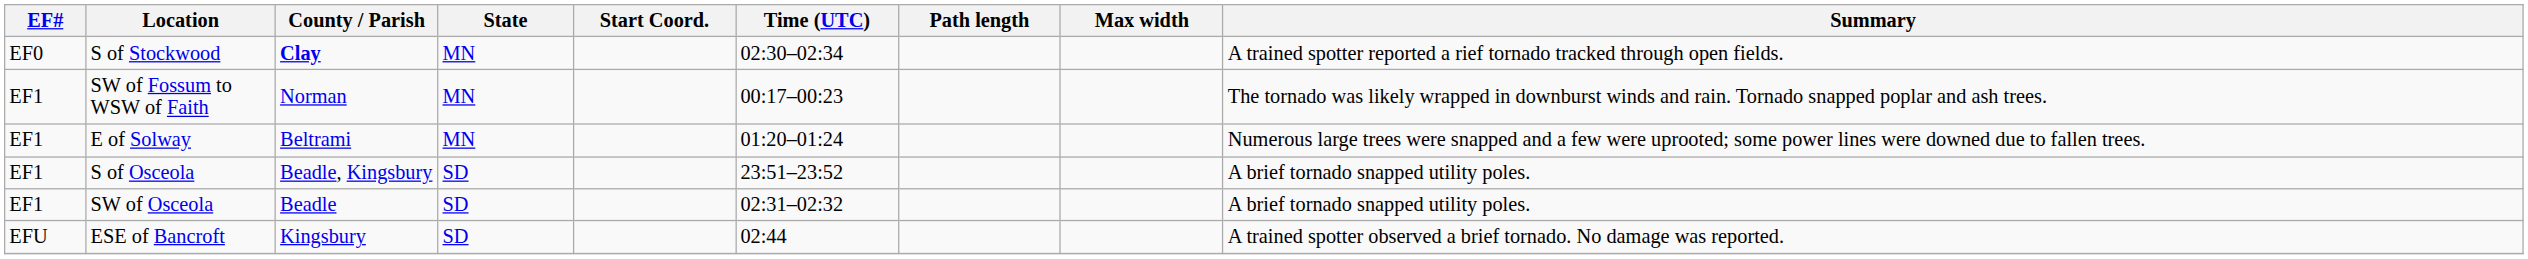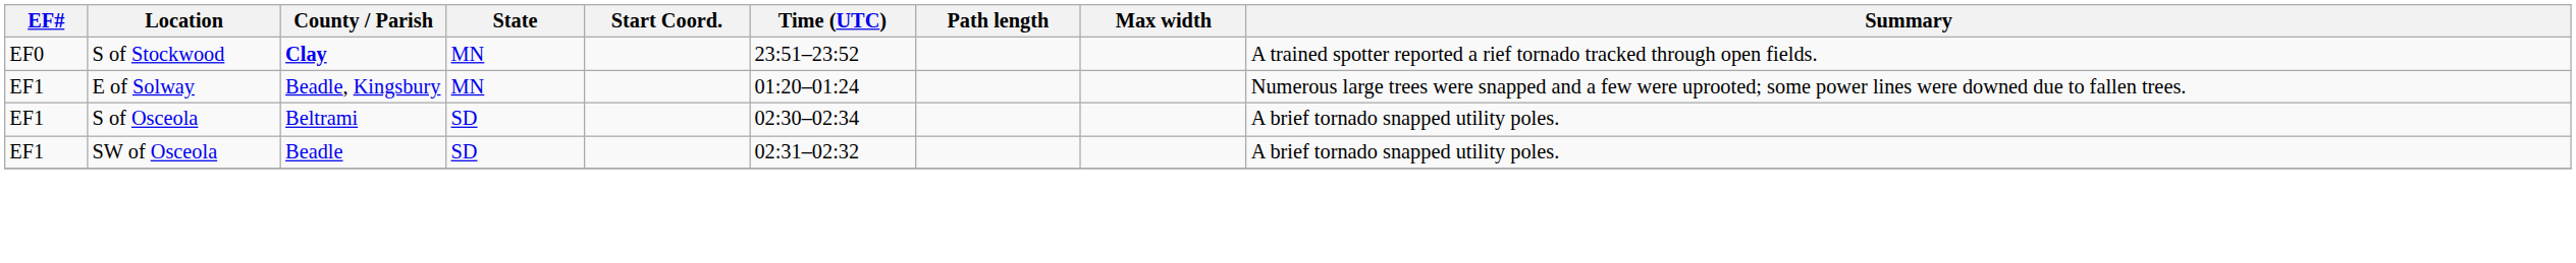 <table class="wikitable sortable" style="width:100%;">
 <tr>
 <th scope="col"  style="width:3%; text-align:center;"><a href='#'>EF#</a></th>
 <th scope="col"  style="width:7%; text-align:center;" class="unsortable">Location</th>
 <th scope="col"  style="width:6%; text-align:center;" class="unsortable">County / Parish</th>
 <th scope="col"  style="width:5%; text-align:center;">State</th>
 <th scope="col"  style="width:6%; text-align:center;">Start Coord.</th>
 <th scope="col"  style="width:6%; text-align:center;">Time (<a href='#'>UTC</a>)</th>
 <th scope="col"  style="width:6%; text-align:center;">Path length</th>
 <th scope="col"  style="width:6%; text-align:center;">Max width</th>
 <th scope="col" class="unsortable" style="width:48%; text-align:center;">Summary</th>
 </tr>
 <tr>
 <td>EF0</td>
 <td>S of <a href='#'>Stockwood</a></td>
 <td><strong><a href='#'>Clay</a></strong></td>
 <td><a href='#'>MN</a></td>
 <td></td>
-<td>02:30–02:34</td>
+<td>23:51–23:52</td>
 <td></td>
 <td></td>
 <td>A trained spotter reported a rief tornado tracked through open fields.</td>
 </tr>
 <tr>
 <td>EF1</td>
-<td>SW of <a href='#'>Fossum</a> to WSW of <a href='#'>Faith</a></td>
-<td><a href='#'>Norman</a></td>
-<td><a href='#'>MN</a></td>
-<td></td>
-<td>00:17–00:23</td>
-<td></td>
-<td></td>
-<td>The tornado was likely wrapped in downburst winds and rain. Tornado snapped poplar and ash trees.</td>
-</tr>
-<tr>
-<td>EF1</td>
 <td>E of <a href='#'>Solway</a></td>
-<td><a href='#'>Beltrami</a></td>
+<td><a href='#'>Beadle</a>, <a href='#'>Kingsbury</a></td>
 <td><a href='#'>MN</a></td>
 <td></td>
 <td>01:20–01:24</td>
 <td></td>
 <td></td>
 <td>Numerous large trees were snapped and a few were uprooted; some power lines were downed due to fallen trees.</td>
 </tr>
 <tr>
 <td>EF1</td>
 <td>S of <a href='#'>Osceola</a></td>
-<td><a href='#'>Beadle</a>, <a href='#'>Kingsbury</a></td>
+<td><a href='#'>Beltrami</a></td>
 <td><a href='#'>SD</a></td>
 <td></td>
-<td>23:51–23:52</td>
+<td>02:30–02:34</td>
 <td></td>
 <td></td>
 <td>A brief tornado snapped utility poles.</td>
 </tr>
 <tr>
 <td>EF1</td>
 <td>SW of <a href='#'>Osceola</a></td>
 <td><a href='#'>Beadle</a></td>
 <td><a href='#'>SD</a></td>
 <td></td>
 <td>02:31–02:32</td>
 <td></td>
 <td></td>
 <td>A brief tornado snapped utility poles.</td>
 </tr>
 <tr>
-<td>EFU</td>
-<td>ESE of <a href='#'>Bancroft</a></td>
-<td><a href='#'>Kingsbury</a></td>
-<td><a href='#'>SD</a></td>
-<td></td>
-<td>02:44</td>
-<td></td>
-<td></td>
-<td>A trained spotter observed a brief tornado. No damage was reported.</td>
-</tr>
-<tr>
 </tr>
 </table>
